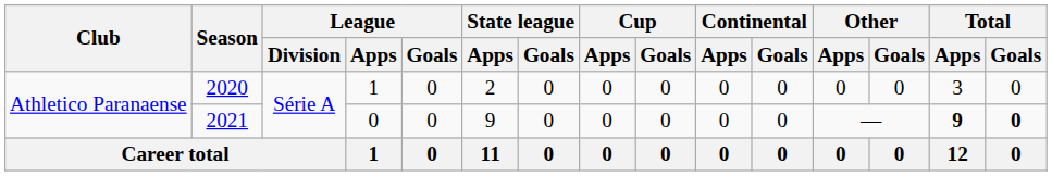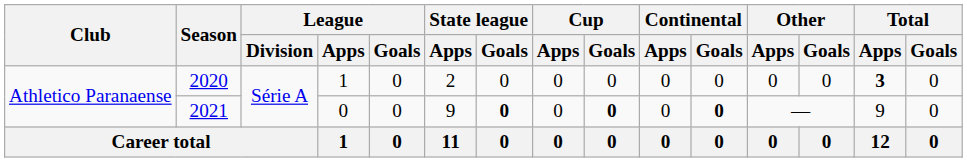 <table class="wikitable" style="text-align: center">
 <tr>
 <th rowspan="2">Club</th>
 <th rowspan="2">Season</th>
 <th colspan="3">League</th>
 <th colspan="2">State league</th>
 <th colspan="2">Cup</th>
 <th colspan="2">Continental</th>
 <th colspan="2">Other</th>
 <th colspan="2">Total</th>
 </tr>
 <tr>
 <th>Division</th>
 <th>Apps</th>
 <th>Goals</th>
 <th>Apps</th>
 <th>Goals</th>
 <th>Apps</th>
 <th>Goals</th>
 <th>Apps</th>
 <th>Goals</th>
 <th>Apps</th>
 <th>Goals</th>
 <th>Apps</th>
 <th>Goals</th>
 </tr>
 <tr>
 <td rowspan="2"><a href='#'>Athletico Paranaense</a></td>
 <td><a href='#'>2020</a></td>
 <td rowspan="2"><a href='#'>Série A</a></td>
 <td>1</td>
 <td>0</td>
 <td>2</td>
 <td>0</td>
 <td>0</td>
 <td>0</td>
 <td>0</td>
 <td>0</td>
 <td>0</td>
 <td>0</td>
-<td>3</td>
+<td><strong>3</strong></td>
 <td>0</td>
 </tr>
 <tr>
 <td><a href='#'>2021</a></td>
 <td>0</td>
 <td>0</td>
 <td>9</td>
+<td><strong>0</strong></td>
 <td>0</td>
+<td><strong>0</strong></td>
 <td>0</td>
+<td><strong>0</strong></td>
+<td colspan="2">—</td>
+<td>9</td>
 <td>0</td>
-<td>0</td>
-<td>0</td>
-<td colspan="2">—</td>
-<td><strong>9</strong></td>
-<td><strong>0</strong></td>
 </tr>
 <tr>
 <th colspan="3"><strong>Career total</strong></th>
 <th>1</th>
 <th>0</th>
 <th>11</th>
 <th>0</th>
 <th>0</th>
 <th>0</th>
 <th>0</th>
 <th>0</th>
 <th>0</th>
 <th>0</th>
 <th>12</th>
 <th>0</th>
 </tr>
 </table>
